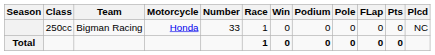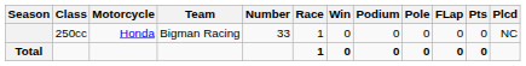 <table class="wikitable">
 <tr>
 <th>Season</th>
 <th>Class</th>
+<th>Motorcycle</th>
 <th>Team</th>
-<th>Motorcycle</th>
 <th>Number</th>
 <th>Race</th>
 <th>Win</th>
 <th>Podium</th>
 <th>Pole</th>
 <th>FLap</th>
 <th>Pts</th>
 <th>Plcd</th>
 </tr>
 <tr align="right">
 <th></th>
 <td>250cc</td>
+<td><a href='#'>Honda</a></td>
 <td>Bigman Racing</td>
-<td><a href='#'>Honda</a></td>
 <td>33</td>
 <td>1</td>
 <td>0</td>
 <td>0</td>
 <td>0</td>
 <td>0</td>
 <td>0</td>
 <td>NC</td>
 </tr>
 <tr align="right">
 <th>Total</th>
 <td></td>
 <td></td>
 <td></td>
 <td></td>
 <td><strong>1</strong></td>
 <td><strong>0</strong></td>
 <td><strong>0</strong></td>
 <td><strong>0</strong></td>
 <td><strong>0</strong></td>
 <td><strong>0</strong></td>
 <td></td>
 </tr>
 </table>
